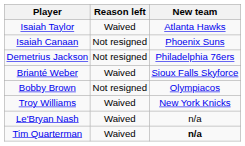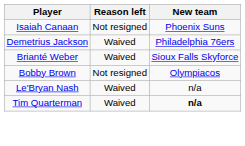 <table class="wikitable sortable sortable" style="text-align: center">
 <tr>
 <th>Player</th>
 <th>Reason left</th>
 <th>New team</th>
-</tr>
-<tr style="text-align: center">
-<td><a href='#'>Isaiah Taylor</a></td>
-<td>Waived</td>
-<td><a href='#'>Atlanta Hawks</a></td>
 </tr>
 <tr style="text-align: center">
 <td><a href='#'>Isaiah Canaan</a></td>
 <td>Not resigned</td>
 <td><a href='#'>Phoenix Suns</a></td>
 </tr>
 <tr style="text-align: center">
 <td><a href='#'>Demetrius Jackson</a></td>
-<td>Not resigned</td>
+<td>Waived</td>
 <td><a href='#'>Philadelphia 76ers</a></td>
 </tr>
 <tr style="text-align: center">
 <td><a href='#'>Brianté Weber</a></td>
 <td>Waived</td>
 <td><a href='#'>Sioux Falls Skyforce</a></td>
 </tr>
 <tr style="text-align: center">
 <td><a href='#'>Bobby Brown</a></td>
 <td>Not resigned</td>
 <td> <a href='#'>Olympiacos</a></td>
 </tr>
 <tr style="text-align: center">
-<td><a href='#'>Troy Williams</a></td>
-<td>Waived</td>
-<td><a href='#'>New York Knicks</a></td>
-</tr>
-<tr style="text-align: center">
 <td><a href='#'>Le'Bryan Nash</a></td>
 <td>Waived</td>
 <td>n/a</td>
 </tr>
 <tr style="text-align: center">
 <td><a href='#'>Tim Quarterman</a></td>
 <td>Waived</td>
 <td><strong>n/a</strong></td>
 </tr>
 </table>
